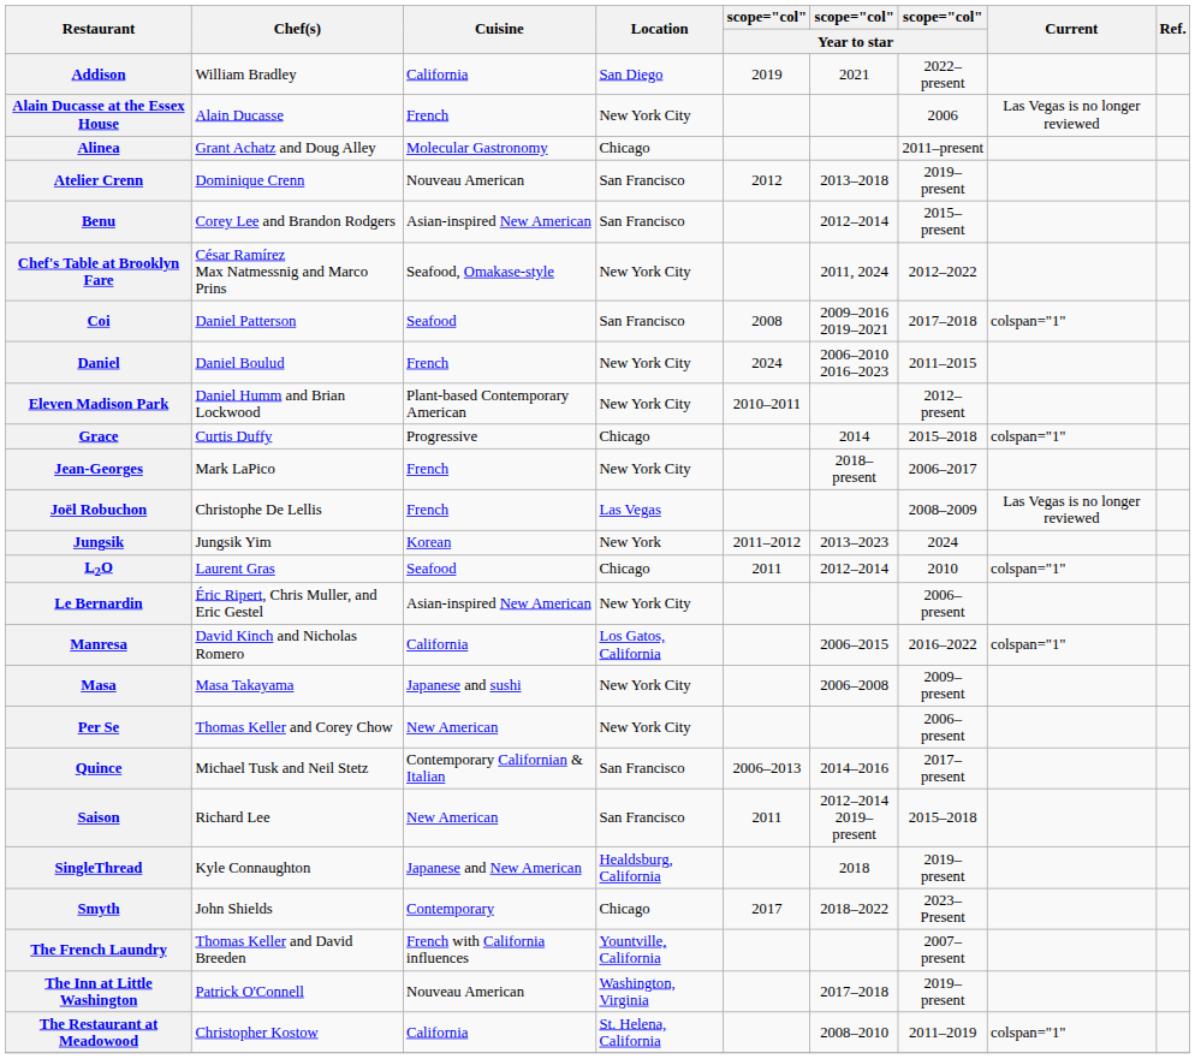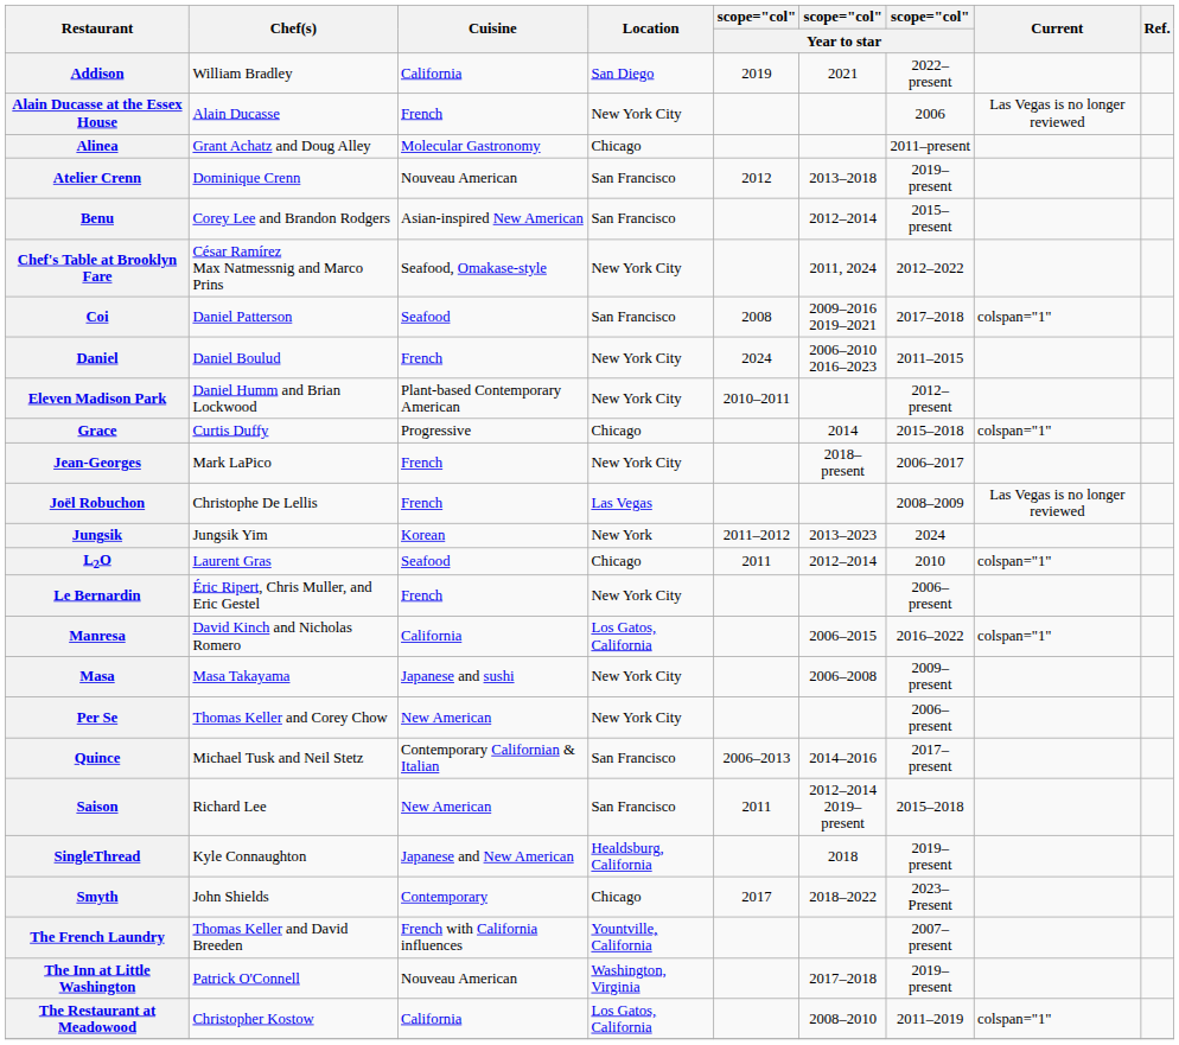 <table class="wikitable sortable plainrowheaders">
 <tr>
 <th scope="col" rowspan="2">Restaurant</th>
 <th scope="col" rowspan="2">Chef(s)</th>
 <th scope="col" rowspan="2">Cuisine</th>
 <th scope="col" rowspan="2">Location</th>
 <th>scope="col" </th>
 <th>scope="col" </th>
 <th>scope="col" </th>
 <th scope="col" rowspan="2">Current</th>
 <th scope="col" class="unsortable" rowspan="2">Ref.</th>
 </tr>
 <tr class="unsortable">
 <th scope="col" colspan="3">Year to star</th>
 </tr>
 <tr>
 <th scope="row"><a href='#'>Addison</a></th>
 <td>William Bradley</td>
 <td><a href='#'>California</a></td>
 <td><a href='#'>San Diego</a></td>
 <td align=center>2019</td>
 <td align=center>2021</td>
 <td align=center>2022–present</td>
 <td></td>
 <td align=center></td>
 </tr>
 <tr>
 <th scope="row"><a href='#'>Alain Ducasse at the Essex House</a></th>
 <td><a href='#'>Alain Ducasse</a></td>
 <td><a href='#'>French</a></td>
 <td>New York City</td>
 <td align=center></td>
 <td align=center></td>
 <td align=center>2006</td>
 <td align=center>Las Vegas is no longer reviewed</td>
 <td align=center></td>
 </tr>
 <tr>
 <th scope="row"><a href='#'>Alinea</a></th>
 <td><a href='#'>Grant Achatz</a> and Doug Alley</td>
 <td><a href='#'>Molecular Gastronomy</a></td>
 <td>Chicago</td>
 <td align=center></td>
 <td align=center></td>
 <td align=center>2011–present</td>
 <td></td>
 <td align=center></td>
 </tr>
 <tr>
 <th scope="row"><a href='#'>Atelier Crenn</a></th>
 <td><a href='#'>Dominique Crenn</a></td>
 <td>Nouveau American</td>
 <td>San Francisco</td>
 <td align=center>2012</td>
 <td align=center>2013–2018</td>
 <td align=center>2019–present</td>
 <td></td>
 <td align=center></td>
 </tr>
 <tr>
 <th scope="row"><a href='#'>Benu</a></th>
 <td><a href='#'>Corey Lee</a> and Brandon Rodgers</td>
 <td>Asian-inspired <a href='#'>New American</a></td>
 <td>San Francisco</td>
 <td align=center></td>
 <td align=center>2012–2014</td>
 <td align=center>2015–present</td>
 <td></td>
 <td align=center></td>
 </tr>
 <tr>
 <th scope="row"><a href='#'>Chef's Table at Brooklyn Fare</a></th>
 <td><a href='#'>César Ramírez</a> <br> Max Natmessnig and Marco Prins</td>
 <td>Seafood, <a href='#'>Omakase-style</a></td>
 <td>New York City</td>
 <td align=center></td>
 <td align=center>2011, 2024</td>
 <td align=center>2012–2022</td>
 <td></td>
 <td align=center></td>
 </tr>
 <tr>
 <th scope="row"><a href='#'>Coi</a></th>
 <td><a href='#'>Daniel Patterson</a></td>
 <td><a href='#'>Seafood</a></td>
 <td>San Francisco</td>
 <td align=center>2008</td>
 <td align=center>2009–2016 <br> 2019–2021</td>
 <td align=center>2017–2018</td>
 <td>colspan="1" </td>
 <td align=center></td>
 </tr>
 <tr>
 <th scope="row"><a href='#'>Daniel</a></th>
 <td><a href='#'>Daniel Boulud</a></td>
 <td><a href='#'>French</a></td>
 <td>New York City</td>
 <td align=center>2024</td>
 <td align=center>2006–2010 <br>2016–2023</td>
 <td align=center>2011–2015</td>
 <td></td>
 <td align=center></td>
 </tr>
 <tr>
 <th scope="row"><a href='#'>Eleven Madison Park</a></th>
 <td><a href='#'>Daniel Humm</a> and Brian Lockwood</td>
 <td>Plant-based Contemporary American</td>
 <td>New York City</td>
 <td align=center>2010–2011</td>
 <td align=center></td>
 <td align=center>2012–present</td>
 <td></td>
 <td align=center></td>
 </tr>
 <tr>
 <th scope="row"><a href='#'>Grace</a></th>
 <td><a href='#'>Curtis Duffy</a></td>
 <td>Progressive</td>
 <td>Chicago</td>
 <td align=center></td>
 <td align=center>2014</td>
 <td align=center>2015–2018</td>
 <td>colspan="1" </td>
 <td align=center></td>
 </tr>
 <tr>
 <th scope="row"><a href='#'>Jean-Georges</a></th>
 <td>Mark LaPico</td>
 <td><a href='#'>French</a></td>
 <td>New York City</td>
 <td align=center></td>
 <td align=center>2018–present</td>
 <td align=center>2006–2017</td>
 <td></td>
 <td align=center></td>
 </tr>
 <tr>
 <th scope="row"><a href='#'>Joël Robuchon</a></th>
 <td>Christophe De Lellis</td>
 <td><a href='#'>French</a></td>
 <td><a href='#'>Las Vegas</a></td>
 <td align=center></td>
 <td align=center></td>
 <td align=center>2008–2009</td>
 <td align=center>Las Vegas is no longer reviewed</td>
 <td align=center></td>
 </tr>
 <tr>
 <th scope="row"><a href='#'>Jungsik</a></th>
 <td>Jungsik Yim</td>
 <td><a href='#'>Korean</a></td>
 <td>New York</td>
 <td align=center>2011–2012</td>
 <td align=center>2013–2023</td>
 <td align=center>2024</td>
 <td></td>
 <td align=center></td>
 </tr>
 <tr>
 <th scope="row"><a href='#'>L<sub>2</sub>O</a></th>
 <td><a href='#'>Laurent Gras</a></td>
 <td><a href='#'>Seafood</a></td>
 <td>Chicago</td>
 <td align=center>2011</td>
 <td align=center>2012–2014</td>
 <td align=center>2010</td>
 <td>colspan="1" </td>
 <td align=center></td>
 </tr>
 <tr>
 <th scope="row"><a href='#'>Le Bernardin</a></th>
 <td><a href='#'>Éric Ripert</a>, Chris Muller, and Eric Gestel</td>
-<td>Asian-inspired <a href='#'>New American</a></td>
+<td><a href='#'>French</a></td>
 <td>New York City</td>
 <td align=center></td>
 <td align=center></td>
 <td align=center>2006–present</td>
 <td></td>
 <td align=center></td>
 </tr>
 <tr>
 <th scope="row"><a href='#'>Manresa</a></th>
 <td><a href='#'>David Kinch</a> and Nicholas Romero</td>
 <td><a href='#'>California</a></td>
 <td><a href='#'>Los Gatos, California</a></td>
 <td align=center></td>
 <td align=center>2006–2015</td>
 <td align=center>2016–2022</td>
 <td>colspan="1" </td>
 <td align=center></td>
 </tr>
 <tr>
 <th scope="row"><a href='#'>Masa</a></th>
 <td><a href='#'>Masa Takayama</a></td>
 <td><a href='#'>Japanese</a> and <a href='#'>sushi</a></td>
 <td>New York City</td>
 <td align=center></td>
 <td align=center>2006–2008</td>
 <td align=center>2009–present</td>
 <td></td>
 <td align=center></td>
 </tr>
 <tr>
 <th scope="row"><a href='#'>Per Se</a></th>
 <td><a href='#'>Thomas Keller</a> and Corey Chow</td>
 <td><a href='#'>New American</a></td>
 <td>New York City</td>
 <td align=center></td>
 <td align=center></td>
 <td align=center>2006–present</td>
 <td></td>
 <td align=center></td>
 </tr>
 <tr>
 <th scope="row"><a href='#'>Quince</a></th>
 <td>Michael Tusk and Neil Stetz</td>
 <td>Contemporary <a href='#'>Californian</a> & <a href='#'>Italian</a></td>
 <td>San Francisco</td>
 <td align=center>2006–2013</td>
 <td align=center>2014–2016</td>
 <td align=center>2017–present</td>
 <td></td>
 <td align=center></td>
 </tr>
 <tr>
 <th scope="row"><a href='#'>Saison</a></th>
 <td>Richard Lee</td>
 <td><a href='#'>New American</a></td>
 <td>San Francisco</td>
 <td align=center>2011</td>
 <td align=center>2012–2014<br> 2019–present</td>
 <td align=center>2015–2018</td>
 <td></td>
 <td align=center></td>
 </tr>
 <tr>
 <th scope="row"><a href='#'>SingleThread</a></th>
 <td>Kyle Connaughton</td>
 <td><a href='#'>Japanese</a> and <a href='#'>New American</a></td>
 <td><a href='#'>Healdsburg, California</a></td>
 <td align=center></td>
 <td align=center>2018</td>
 <td align=center>2019–present</td>
 <td></td>
 <td align=center></td>
 </tr>
 <tr>
 <th scope="row"><a href='#'>Smyth</a></th>
 <td>John Shields</td>
 <td><a href='#'>Contemporary</a></td>
 <td>Chicago</td>
 <td align=center>2017</td>
 <td align=center>2018–2022</td>
 <td align=center>2023–Present</td>
 <td></td>
 <td align=center></td>
 </tr>
 <tr>
 <th scope="row"><a href='#'>The French Laundry</a></th>
 <td><a href='#'>Thomas Keller</a> and David Breeden</td>
 <td><a href='#'>French</a> with <a href='#'>California</a> influences</td>
 <td><a href='#'>Yountville, California</a></td>
 <td align=center></td>
 <td align=center></td>
 <td align=center>2007–present</td>
 <td></td>
 <td align=center></td>
 </tr>
 <tr>
 <th scope="row"><a href='#'>The Inn at Little Washington</a></th>
 <td><a href='#'>Patrick O'Connell</a></td>
 <td>Nouveau American</td>
 <td><a href='#'>Washington, Virginia</a></td>
 <td align=center></td>
 <td align=center>2017–2018</td>
 <td align=center>2019–present</td>
 <td></td>
 <td align=center></td>
 </tr>
 <tr>
 <th scope="row"><a href='#'>The Restaurant at Meadowood</a></th>
 <td><a href='#'>Christopher Kostow</a></td>
 <td><a href='#'>California</a></td>
-<td><a href='#'>St. Helena, California</a></td>
+<td><a href='#'>Los Gatos, California</a></td>
 <td align=center></td>
 <td align=center>2008–2010</td>
 <td align=center>2011–2019</td>
 <td>colspan="1" </td>
 <td align=center></td>
 </tr>
 <tr>
 </tr>
 </table>
